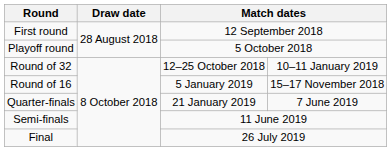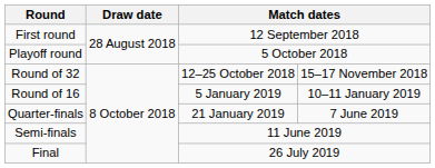 <table class="wikitable" style="text-align:center">
 <tr>
 <th>Round</th>
 <th>Draw date</th>
 <th colspan="2">Match dates</th>
 </tr>
 <tr>
 <td>First round</td>
 <td rowspan="2">28 August 2018</td>
 <td colspan="2">12 September 2018</td>
 </tr>
 <tr>
 <td>Playoff round</td>
 <td colspan="2">5 October 2018</td>
 </tr>
 <tr>
 <td>Round of 32</td>
 <td rowspan="5">8 October 2018</td>
 <td>12–25 October 2018</td>
-<td>10–11 January 2019</td>
+<td>15–17 November 2018</td>
 </tr>
 <tr>
 <td>Round of 16</td>
 <td>5 January 2019</td>
-<td>15–17 November 2018</td>
+<td>10–11 January 2019</td>
 </tr>
 <tr>
 <td>Quarter-finals</td>
 <td>21 January 2019</td>
 <td>7 June 2019</td>
 </tr>
 <tr>
 <td>Semi-finals</td>
 <td colspan=2>11 June 2019</td>
 </tr>
 <tr>
 <td>Final</td>
 <td colspan=2>26 July 2019</td>
 </tr>
 </table>
